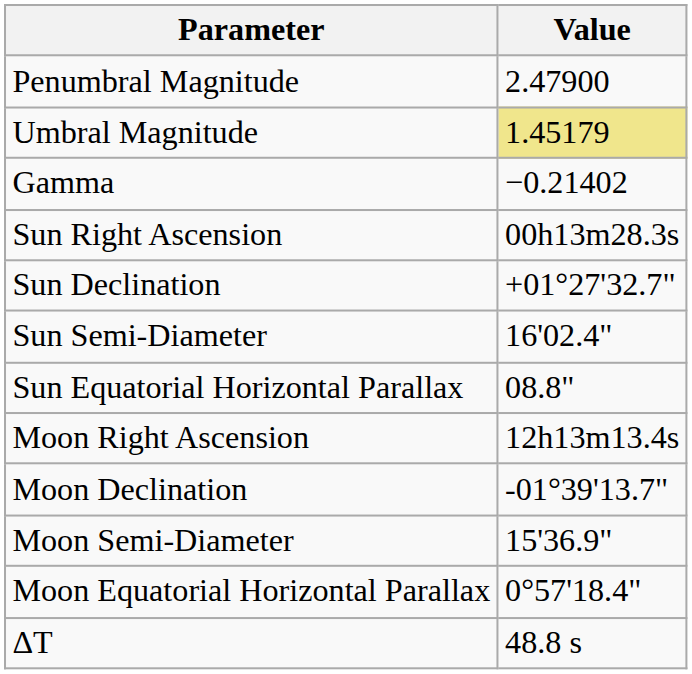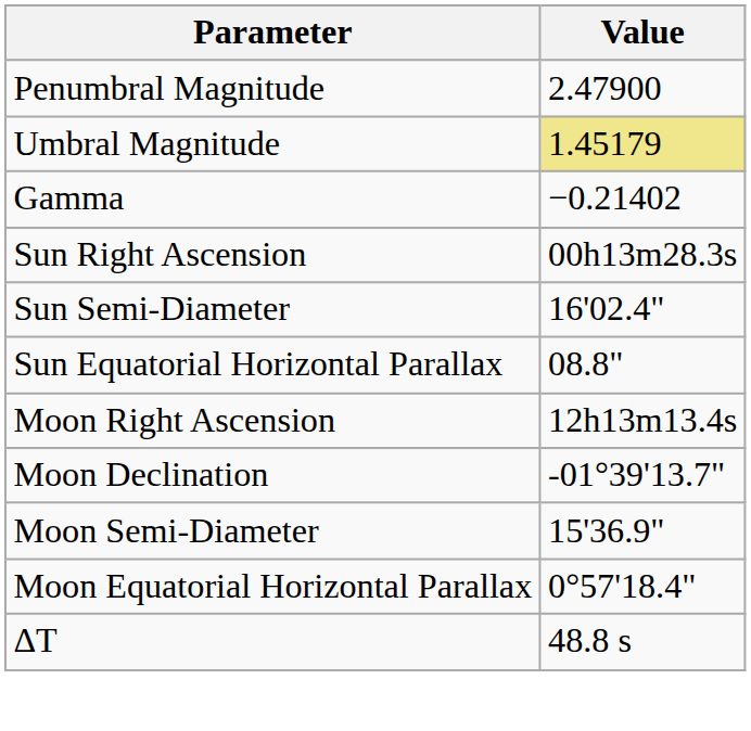 <table class="wikitable">
 <tr>
 <th>Parameter</th>
 <th>Value</th>
 </tr>
 <tr>
 <td>Penumbral Magnitude</td>
 <td>2.47900</td>
 </tr>
 <tr>
 <td>Umbral Magnitude</td>
 <td style="background: khaki;">1.45179</td>
 </tr>
 <tr>
 <td>Gamma</td>
 <td>−0.21402</td>
 </tr>
 <tr>
 <td>Sun Right Ascension</td>
 <td>00h13m28.3s</td>
-</tr>
-<tr>
-<td>Sun Declination</td>
-<td>+01°27'32.7"</td>
 </tr>
 <tr>
 <td>Sun Semi-Diameter</td>
 <td>16'02.4"</td>
 </tr>
 <tr>
 <td>Sun Equatorial Horizontal Parallax</td>
 <td>08.8"</td>
 </tr>
 <tr>
 <td>Moon Right Ascension</td>
 <td>12h13m13.4s</td>
 </tr>
 <tr>
 <td>Moon Declination</td>
 <td>-01°39'13.7"</td>
 </tr>
 <tr>
 <td>Moon Semi-Diameter</td>
 <td>15'36.9"</td>
 </tr>
 <tr>
 <td>Moon Equatorial Horizontal Parallax</td>
 <td>0°57'18.4"</td>
 </tr>
 <tr>
 <td>ΔT</td>
 <td>48.8 s</td>
 </tr>
 </table>
